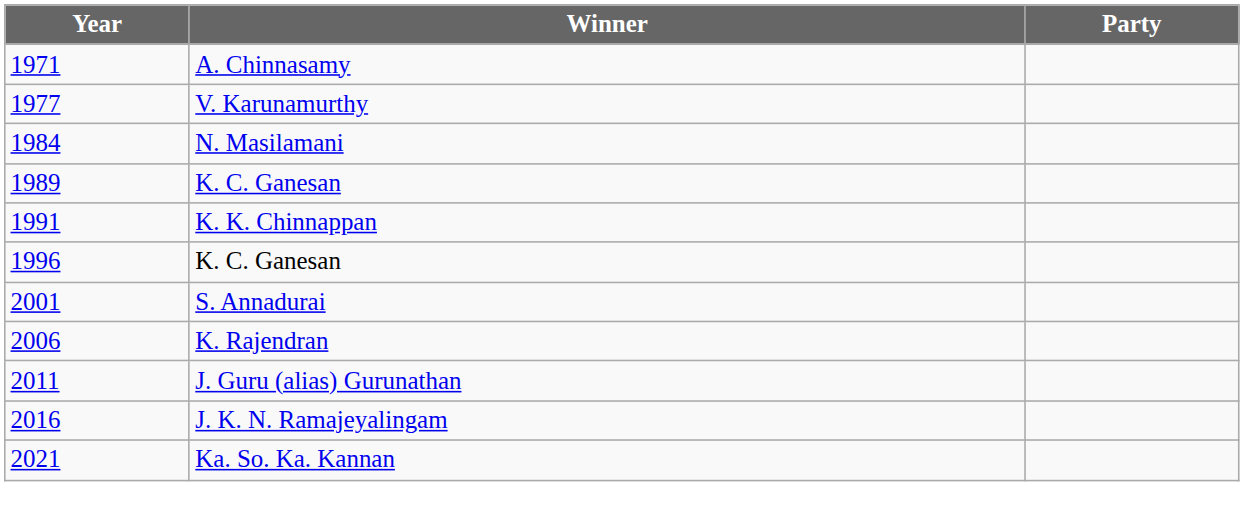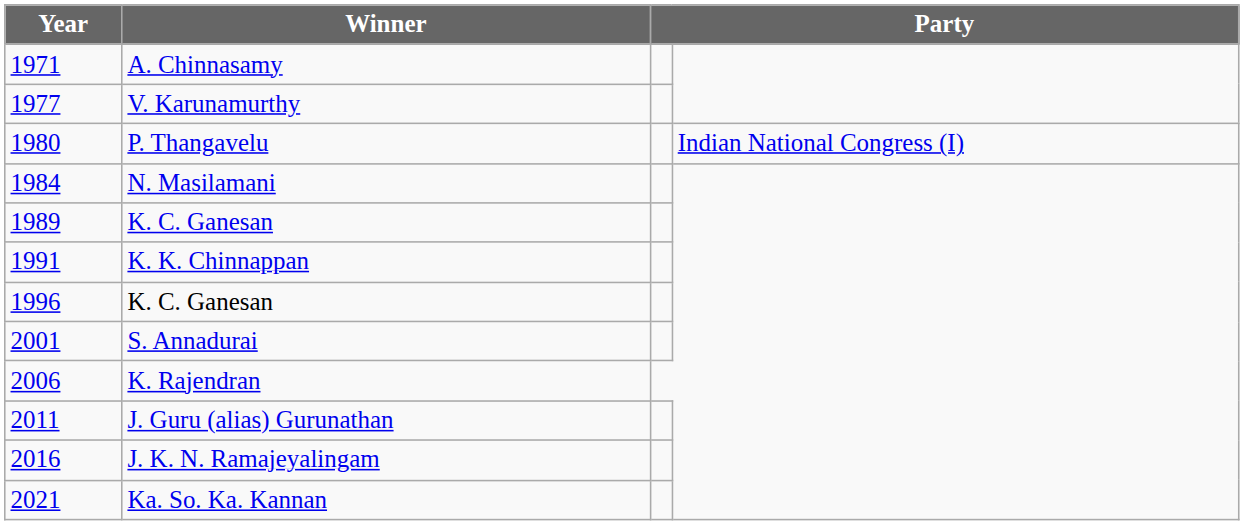 <table class="wikitable" width="50%">
 <tr>
 <th style="background-color:#666666; color:white">Year</th>
 <th style="background-color:#666666; color:white">Winner</th>
 <th style="background-color:#666666; color:white" colspan="2">Party</th>
 </tr>
 <tr>
 <td><a href='#'>1971</a></td>
 <td><a href='#'>A. Chinnasamy</a></td>
 <td></td>
 </tr>
 <tr>
 <td><a href='#'>1977</a></td>
 <td><a href='#'>V. Karunamurthy</a></td>
 <td></td>
+</tr>
+<tr>
+<td><a href='#'>1980</a></td>
+<td><a href='#'>P. Thangavelu</a></td>
+<td></td>
+<td><a href='#'>Indian National Congress (I)</a></td>
 </tr>
 <tr>
 <td><a href='#'>1984</a></td>
 <td><a href='#'>N. Masilamani</a></td>
 <td></td>
 </tr>
 <tr>
 <td><a href='#'>1989</a></td>
 <td><a href='#'>K. C. Ganesan</a></td>
 <td></td>
 </tr>
 <tr>
 <td><a href='#'>1991</a></td>
 <td><a href='#'>K. K. Chinnappan</a></td>
 <td></td>
 </tr>
 <tr>
 <td><a href='#'>1996</a></td>
 <td>K. C. Ganesan</td>
 <td></td>
 </tr>
 <tr>
 <td><a href='#'>2001</a></td>
 <td><a href='#'>S. Annadurai</a></td>
 <td></td>
 </tr>
 <tr>
 <td><a href='#'>2006</a></td>
 <td><a href='#'>K. Rajendran</a></td>
 </tr>
 <tr>
 <td><a href='#'>2011</a></td>
 <td><a href='#'>J. Guru (alias) Gurunathan</a></td>
 <td></td>
 </tr>
 <tr>
 <td><a href='#'>2016</a></td>
 <td><a href='#'>J. K. N. Ramajeyalingam</a></td>
 <td></td>
 </tr>
 <tr>
 <td><a href='#'>2021</a></td>
 <td><a href='#'>Ka. So. Ka. Kannan</a></td>
 <td></td>
 </tr>
 </table>
